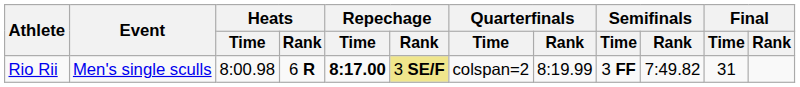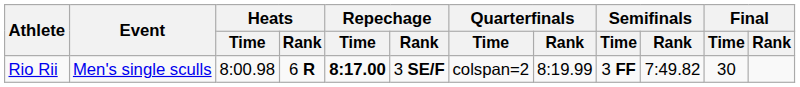 <table class="wikitable" style="font-size:90%">
 <tr>
 <th rowspan="2">Athlete</th>
 <th rowspan="2">Event</th>
 <th colspan="2">Heats</th>
 <th colspan="2">Repechage</th>
 <th colspan="2">Quarterfinals</th>
 <th colspan="2">Semifinals</th>
 <th colspan="2">Final</th>
 </tr>
 <tr style="font-size:95%">
 <th>Time</th>
 <th>Rank</th>
 <th>Time</th>
 <th>Rank</th>
 <th>Time</th>
 <th>Rank</th>
 <th>Time</th>
 <th>Rank</th>
 <th>Time</th>
 <th>Rank</th>
 </tr>
 <tr align=center>
 <td align=left><a href='#'>Rio Rii</a></td>
 <td align=left><a href='#'>Men's single sculls</a></td>
 <td>8:00.98</td>
 <td>6 <strong>R</strong></td>
 <td><strong>8:17.00</strong></td>
-<td style="background: khaki;">3 <strong>SE/F</strong></td>
+<td>3 <strong>SE/F</strong></td>
 <td>colspan=2 </td>
 <td>8:19.99</td>
 <td>3 <strong>FF</strong></td>
 <td>7:49.82</td>
-<td>31</td>
+<td>30</td>
 </tr>
 </table>
